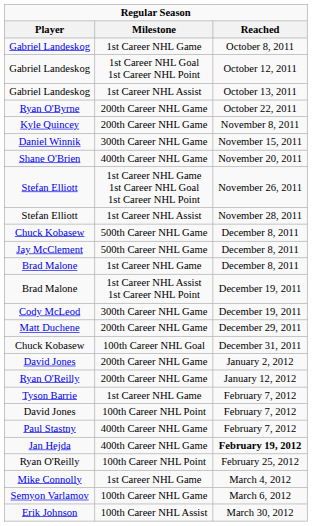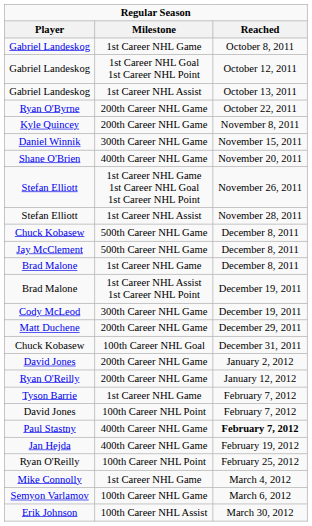 <table class="wikitable" width="52%" style="text-align:center">
 <tr>
 <td colspan="10" align="center"><strong>Regular Season</strong></td>
 </tr>
 <tr align="center" bgcolor="#dddddd">
 <th>Player</th>
 <th>Milestone</th>
 <th>Reached</th>
 </tr>
 <tr>
 <td><a href='#'>Gabriel Landeskog</a></td>
 <td>1st Career NHL Game</td>
 <td>October 8, 2011</td>
 </tr>
 <tr>
 <td>Gabriel Landeskog</td>
 <td>1st Career NHL Goal<br>1st Career NHL Point</td>
 <td>October 12, 2011</td>
 </tr>
 <tr>
 <td>Gabriel Landeskog</td>
 <td>1st Career NHL Assist</td>
 <td>October 13, 2011</td>
 </tr>
 <tr>
 <td><a href='#'>Ryan O'Byrne</a></td>
 <td>200th Career NHL Game</td>
 <td>October 22, 2011</td>
 </tr>
 <tr>
 <td><a href='#'>Kyle Quincey</a></td>
 <td>200th Career NHL Game</td>
 <td>November 8, 2011</td>
 </tr>
 <tr>
 <td><a href='#'>Daniel Winnik</a></td>
 <td>300th Career NHL Game</td>
 <td>November 15, 2011</td>
 </tr>
 <tr>
 <td><a href='#'>Shane O'Brien</a></td>
 <td>400th Career NHL Game</td>
 <td>November 20, 2011</td>
 </tr>
 <tr>
 <td><a href='#'>Stefan Elliott</a></td>
 <td>1st Career NHL Game<br>1st Career NHL Goal<br>1st Career NHL Point</td>
 <td>November 26, 2011</td>
 </tr>
 <tr>
 <td>Stefan Elliott</td>
 <td>1st Career NHL Assist</td>
 <td>November 28, 2011</td>
 </tr>
 <tr>
 <td><a href='#'>Chuck Kobasew</a></td>
 <td>500th Career NHL Game</td>
 <td>December 8, 2011</td>
 </tr>
 <tr>
 <td><a href='#'>Jay McClement</a></td>
 <td>500th Career NHL Game</td>
 <td>December 8, 2011</td>
 </tr>
 <tr>
 <td><a href='#'>Brad Malone</a></td>
 <td>1st Career NHL Game</td>
 <td>December 8, 2011</td>
 </tr>
 <tr>
 <td>Brad Malone</td>
 <td>1st Career NHL Assist<br>1st Career NHL Point</td>
 <td>December 19, 2011</td>
 </tr>
 <tr>
 <td><a href='#'>Cody McLeod</a></td>
 <td>300th Career NHL Game</td>
 <td>December 19, 2011</td>
 </tr>
 <tr>
 <td><a href='#'>Matt Duchene</a></td>
 <td>200th Career NHL Game</td>
 <td>December 29, 2011</td>
 </tr>
 <tr>
 <td>Chuck Kobasew</td>
 <td>100th Career NHL Goal</td>
 <td>December 31, 2011</td>
 </tr>
 <tr>
 <td><a href='#'>David Jones</a></td>
 <td>200th Career NHL Game</td>
 <td>January 2, 2012</td>
 </tr>
 <tr>
 <td><a href='#'>Ryan O'Reilly</a></td>
 <td>200th Career NHL Game</td>
 <td>January 12, 2012</td>
 </tr>
 <tr>
 <td><a href='#'>Tyson Barrie</a></td>
 <td>1st Career NHL Game</td>
 <td>February 7, 2012</td>
 </tr>
 <tr>
 <td>David Jones</td>
 <td>100th Career NHL Point</td>
 <td>February 7, 2012</td>
 </tr>
 <tr>
 <td><a href='#'>Paul Stastny</a></td>
 <td>400th Career NHL Game</td>
-<td>February 7, 2012</td>
+<td><strong>February 7, 2012</strong></td>
 </tr>
 <tr>
 <td><a href='#'>Jan Hejda</a></td>
 <td>400th Career NHL Game</td>
-<td><strong>February 19, 2012</strong></td>
+<td>February 19, 2012</td>
 </tr>
 <tr>
 <td>Ryan O'Reilly</td>
 <td>100th Career NHL Point</td>
 <td>February 25, 2012</td>
 </tr>
 <tr>
 <td><a href='#'>Mike Connolly</a></td>
 <td>1st Career NHL Game</td>
 <td>March 4, 2012</td>
 </tr>
 <tr>
 <td><a href='#'>Semyon Varlamov</a></td>
 <td>100th Career NHL Game</td>
 <td>March 6, 2012</td>
 </tr>
 <tr>
 <td><a href='#'>Erik Johnson</a></td>
 <td>100th Career NHL Assist</td>
 <td>March 30, 2012</td>
 </tr>
 </table>
